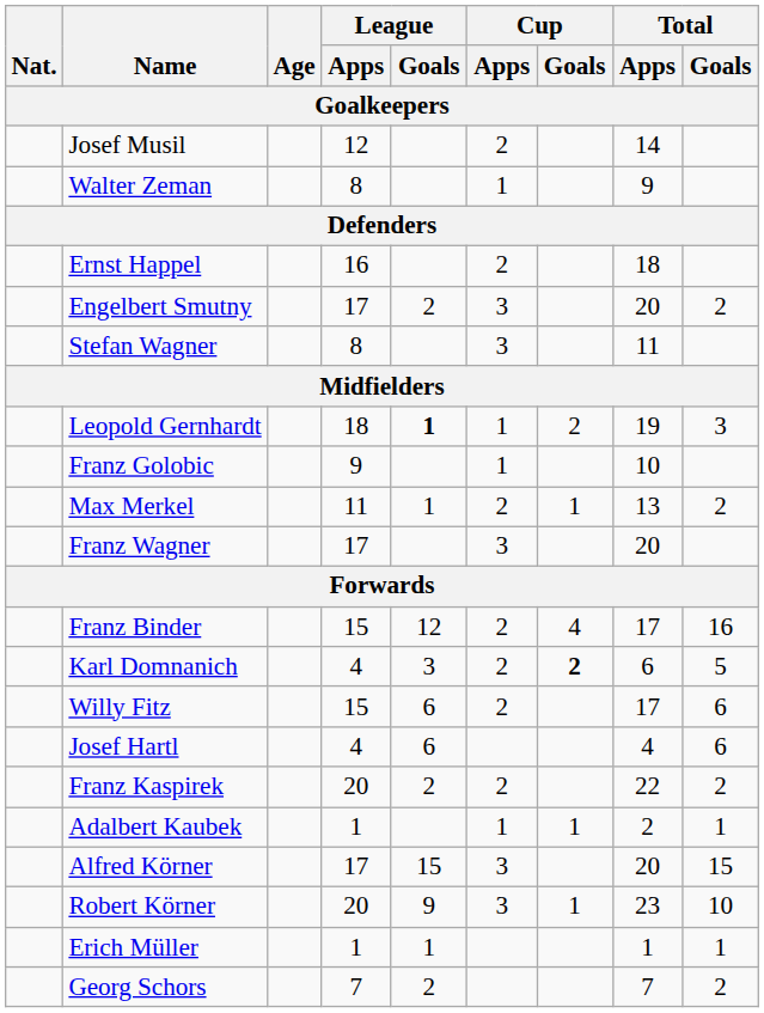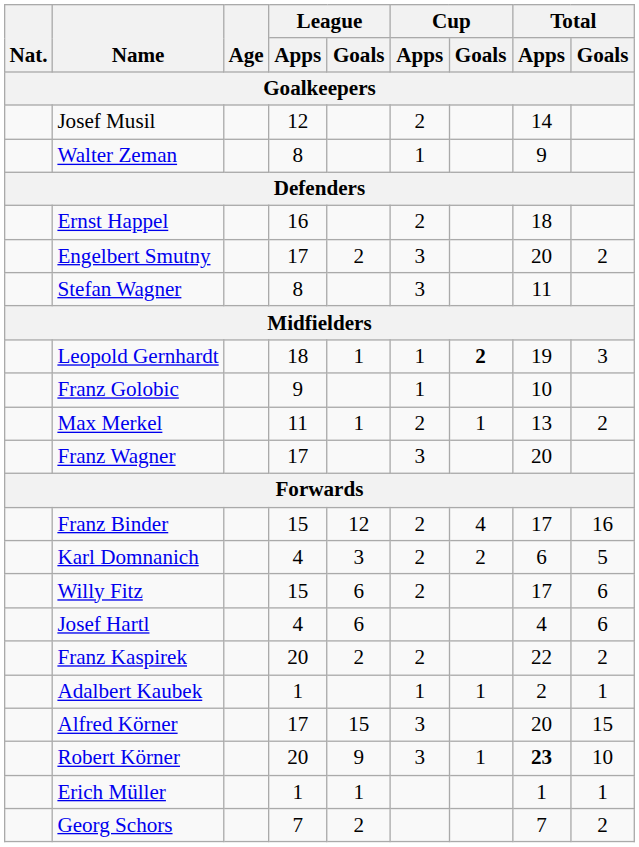 <table class="wikitable" style="text-align:center">
 <tr>
 <th rowspan="2" valign="bottom">Nat.</th>
 <th rowspan="2" valign="bottom">Name</th>
 <th rowspan="2" valign="bottom">Age</th>
 <th colspan="2" width="85">League</th>
 <th colspan="2" width="85">Cup</th>
 <th colspan="2" width="85">Total</th>
 </tr>
 <tr>
 <th>Apps</th>
 <th>Goals</th>
 <th>Apps</th>
 <th>Goals</th>
 <th>Apps</th>
 <th>Goals</th>
 </tr>
 <tr>
 <th colspan=20>Goalkeepers</th>
 </tr>
 <tr>
 <td></td>
 <td align="left">Josef Musil</td>
 <td></td>
 <td>12</td>
 <td></td>
 <td>2</td>
 <td></td>
 <td>14</td>
 <td></td>
 </tr>
 <tr>
 <td></td>
 <td align="left"><a href='#'>Walter Zeman</a></td>
 <td></td>
 <td>8</td>
 <td></td>
 <td>1</td>
 <td></td>
 <td>9</td>
 <td></td>
 </tr>
 <tr>
 <th colspan=20>Defenders</th>
 </tr>
 <tr>
 <td></td>
 <td align="left"><a href='#'>Ernst Happel</a></td>
 <td></td>
 <td>16</td>
 <td></td>
 <td>2</td>
 <td></td>
 <td>18</td>
 <td></td>
 </tr>
 <tr>
 <td></td>
 <td align="left"><a href='#'>Engelbert Smutny</a></td>
 <td></td>
 <td>17</td>
 <td>2</td>
 <td>3</td>
 <td></td>
 <td>20</td>
 <td>2</td>
 </tr>
 <tr>
 <td></td>
 <td align="left"><a href='#'>Stefan Wagner</a></td>
 <td></td>
 <td>8</td>
 <td></td>
 <td>3</td>
 <td></td>
 <td>11</td>
 <td></td>
 </tr>
 <tr>
 <th colspan=20>Midfielders</th>
 </tr>
 <tr>
 <td></td>
 <td align="left"><a href='#'>Leopold Gernhardt</a></td>
 <td></td>
 <td>18</td>
-<td><strong>1</strong></td>
 <td>1</td>
-<td>2</td>
+<td>1</td>
+<td><strong>2</strong></td>
 <td>19</td>
 <td>3</td>
 </tr>
 <tr>
 <td></td>
 <td align="left"><a href='#'>Franz Golobic</a></td>
 <td></td>
 <td>9</td>
 <td></td>
 <td>1</td>
 <td></td>
 <td>10</td>
 <td></td>
 </tr>
 <tr>
 <td></td>
 <td align="left"><a href='#'>Max Merkel</a></td>
 <td></td>
 <td>11</td>
 <td>1</td>
 <td>2</td>
 <td>1</td>
 <td>13</td>
 <td>2</td>
 </tr>
 <tr>
 <td></td>
 <td align="left"><a href='#'>Franz Wagner</a></td>
 <td></td>
 <td>17</td>
 <td></td>
 <td>3</td>
 <td></td>
 <td>20</td>
 <td></td>
 </tr>
 <tr>
 <th colspan=20>Forwards</th>
 </tr>
 <tr>
 <td></td>
 <td align="left"><a href='#'>Franz Binder</a></td>
 <td></td>
 <td>15</td>
 <td>12</td>
 <td>2</td>
 <td>4</td>
 <td>17</td>
 <td>16</td>
 </tr>
 <tr>
 <td></td>
 <td align="left"><a href='#'>Karl Domnanich</a></td>
 <td></td>
 <td>4</td>
 <td>3</td>
 <td>2</td>
-<td><strong>2</strong></td>
+<td>2</td>
 <td>6</td>
 <td>5</td>
 </tr>
 <tr>
 <td></td>
 <td align="left"><a href='#'>Willy Fitz</a></td>
 <td></td>
 <td>15</td>
 <td>6</td>
 <td>2</td>
 <td></td>
 <td>17</td>
 <td>6</td>
 </tr>
 <tr>
 <td></td>
 <td align="left"><a href='#'>Josef Hartl</a></td>
 <td></td>
 <td>4</td>
 <td>6</td>
 <td></td>
 <td></td>
 <td>4</td>
 <td>6</td>
 </tr>
 <tr>
 <td></td>
 <td align="left"><a href='#'>Franz Kaspirek</a></td>
 <td></td>
 <td>20</td>
 <td>2</td>
 <td>2</td>
 <td></td>
 <td>22</td>
 <td>2</td>
 </tr>
 <tr>
 <td></td>
 <td align="left"><a href='#'>Adalbert Kaubek</a></td>
 <td></td>
 <td>1</td>
 <td></td>
 <td>1</td>
 <td>1</td>
 <td>2</td>
 <td>1</td>
 </tr>
 <tr>
 <td></td>
 <td align="left"><a href='#'>Alfred Körner</a></td>
 <td></td>
 <td>17</td>
 <td>15</td>
 <td>3</td>
 <td></td>
 <td>20</td>
 <td>15</td>
 </tr>
 <tr>
 <td></td>
 <td align="left"><a href='#'>Robert Körner</a></td>
 <td></td>
 <td>20</td>
 <td>9</td>
 <td>3</td>
 <td>1</td>
-<td>23</td>
+<td><strong>23</strong></td>
 <td>10</td>
 </tr>
 <tr>
 <td></td>
 <td align="left"><a href='#'>Erich Müller</a></td>
 <td></td>
 <td>1</td>
 <td>1</td>
 <td></td>
 <td></td>
 <td>1</td>
 <td>1</td>
 </tr>
 <tr>
 <td></td>
 <td align="left"><a href='#'>Georg Schors</a></td>
 <td></td>
 <td>7</td>
 <td>2</td>
 <td></td>
 <td></td>
 <td>7</td>
 <td>2</td>
 </tr>
 </table>
